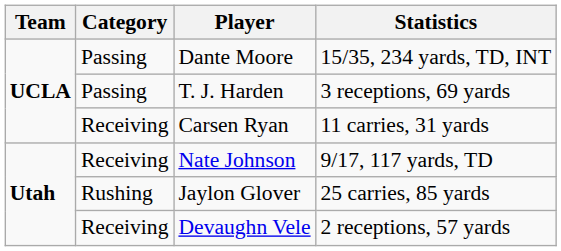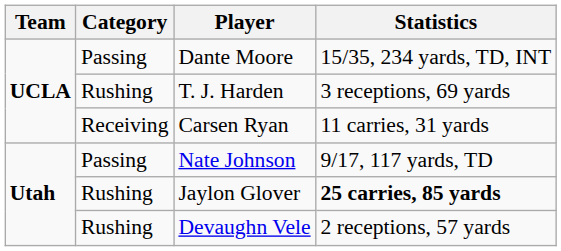 <table class="wikitable" style="float: right;">
 <tr>
 <th>Team</th>
 <th>Category</th>
 <th>Player</th>
 <th>Statistics</th>
 </tr>
 <tr>
 <td rowspan=3><strong>UCLA</strong></td>
 <td>Passing</td>
 <td>Dante Moore</td>
 <td>15/35, 234 yards, TD, INT</td>
 </tr>
 <tr>
-<td>Passing</td>
+<td>Rushing</td>
 <td>T. J. Harden</td>
 <td>3 receptions, 69 yards</td>
 </tr>
 <tr>
 <td>Receiving</td>
 <td>Carsen Ryan</td>
 <td>11 carries, 31 yards</td>
 </tr>
 <tr>
 <td rowspan=3><strong>Utah</strong></td>
-<td>Receiving</td>
+<td>Passing</td>
 <td><a href='#'>Nate Johnson</a></td>
 <td>9/17, 117 yards, TD</td>
 </tr>
 <tr>
 <td>Rushing</td>
 <td>Jaylon Glover</td>
-<td>25 carries, 85 yards</td>
+<td><strong>25 carries, 85 yards</strong></td>
 </tr>
 <tr>
-<td>Receiving</td>
+<td>Rushing</td>
 <td><a href='#'>Devaughn Vele</a></td>
 <td>2 receptions, 57 yards</td>
 </tr>
 </table>
